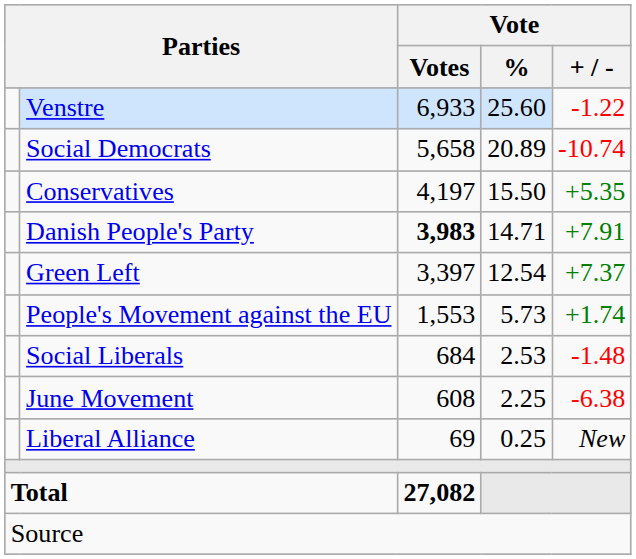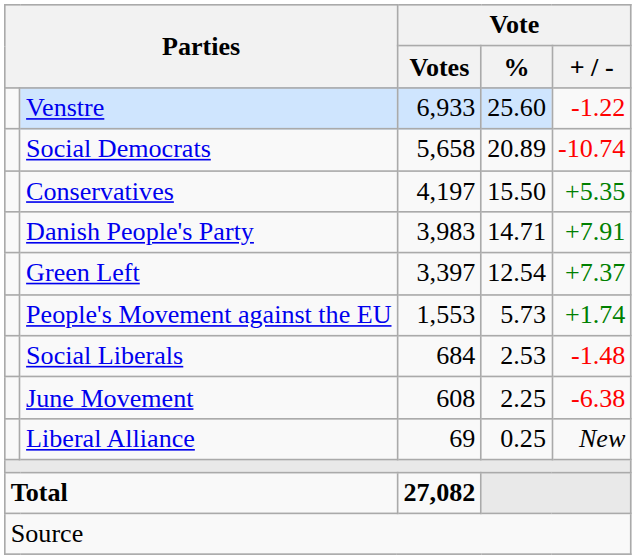 <table class="wikitable" style="text-align:right;">
 <tr>
 <th style="text-align:centre;" rowspan="2" colspan="2" width="225">Parties</th>
 <th colspan="3">Vote</th>
 </tr>
 <tr>
 <th width="15">Votes</th>
 <th width="15">%</th>
 <th width="15">+ / -</th>
 </tr>
 <tr>
 <td width="2" style="color:inherit;background:"></td>
 <td bgcolor=#cfe5fe   align="left"><a href='#'>Venstre</a></td>
 <td bgcolor=#cfe5fe>6,933</td>
 <td bgcolor=#cfe5fe>25.60</td>
 <td style=color:red;>-1.22</td>
 </tr>
 <tr>
 <td width="2" style="color:inherit;background:"></td>
 <td align="left"><a href='#'>Social Democrats</a></td>
 <td>5,658</td>
 <td>20.89</td>
 <td style=color:red;>-10.74</td>
 </tr>
 <tr>
 <td width="2" style="color:inherit;background:"></td>
 <td align="left"><a href='#'>Conservatives</a></td>
 <td>4,197</td>
 <td>15.50</td>
 <td style=color:green;>+5.35</td>
 </tr>
 <tr>
 <td width="2" style="color:inherit;background:"></td>
 <td align="left"><a href='#'>Danish People's Party</a></td>
-<td><strong>3,983</strong></td>
+<td>3,983</td>
 <td>14.71</td>
 <td style=color:green;>+7.91</td>
 </tr>
 <tr>
 <td width="2" style="color:inherit;background:"></td>
 <td align="left"><a href='#'>Green Left</a></td>
 <td>3,397</td>
 <td>12.54</td>
 <td style=color:green;>+7.37</td>
 </tr>
 <tr>
 <td width="2" style="color:inherit;background:"></td>
 <td align="left"><a href='#'>People's Movement against the EU</a></td>
 <td>1,553</td>
 <td>5.73</td>
 <td style=color:green;>+1.74</td>
 </tr>
 <tr>
 <td width="2" style="color:inherit;background:"></td>
 <td align="left"><a href='#'>Social Liberals</a></td>
 <td>684</td>
 <td>2.53</td>
 <td style=color:red;>-1.48</td>
 </tr>
 <tr>
 <td width="2" style="color:inherit;background:"></td>
 <td align="left"><a href='#'>June Movement</a></td>
 <td>608</td>
 <td>2.25</td>
 <td style=color:red;>-6.38</td>
 </tr>
 <tr>
 <td width="2" style="color:inherit;background:"></td>
 <td align="left"><a href='#'>Liberal Alliance</a></td>
 <td>69</td>
 <td>0.25</td>
 <td><em>New</em></td>
 </tr>
 <tr>
 <td colspan="7" bgcolor="#E9E9E9"></td>
 </tr>
 <tr>
 <td align="left" colspan="2"><strong>Total</strong></td>
 <td><strong>27,082</strong></td>
 <td bgcolor="#E9E9E9" colspan="2"></td>
 </tr>
 <tr>
 <td align="left" colspan="6">Source</td>
 </tr>
 </table>
